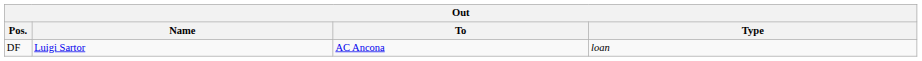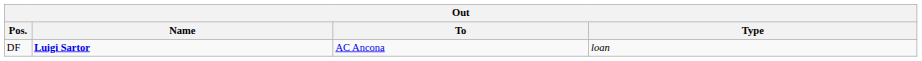 <table class="wikitable" style="font-size:90%; width:99%">
 <tr>
 <th colspan=4>Out</th>
 </tr>
 <tr>
 <th width=3%>Pos.</th>
 <th width=33%>Name</th>
 <th width=28%>To</th>
 <th width=36%>Type</th>
 </tr>
 <tr>
 <td>DF</td>
-<td><a href='#'>Luigi Sartor</a></td>
+<td><strong><a href='#'>Luigi Sartor</a></strong></td>
 <td><a href='#'>AC Ancona</a></td>
 <td><em>loan</em></td>
 </tr>
 </table>
